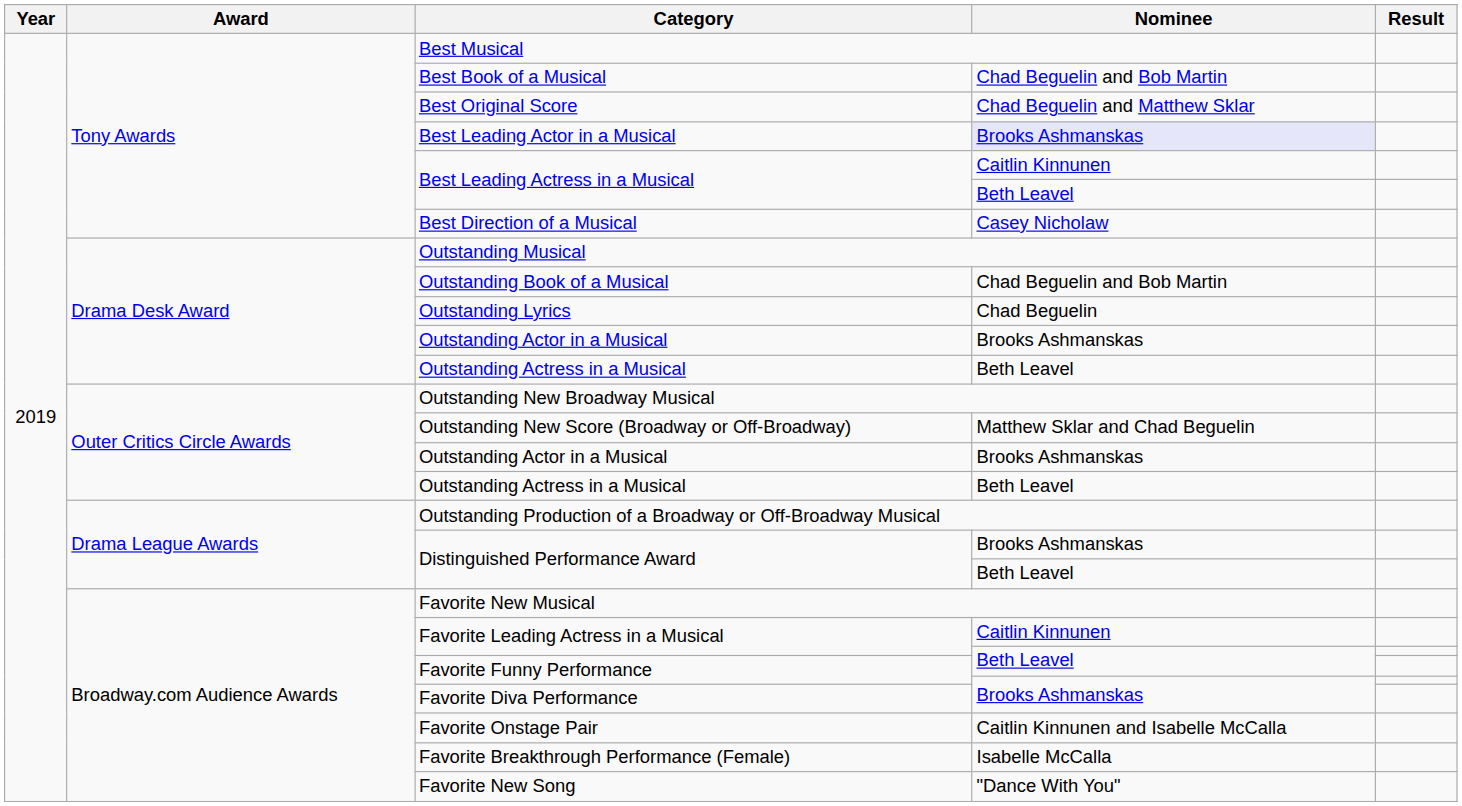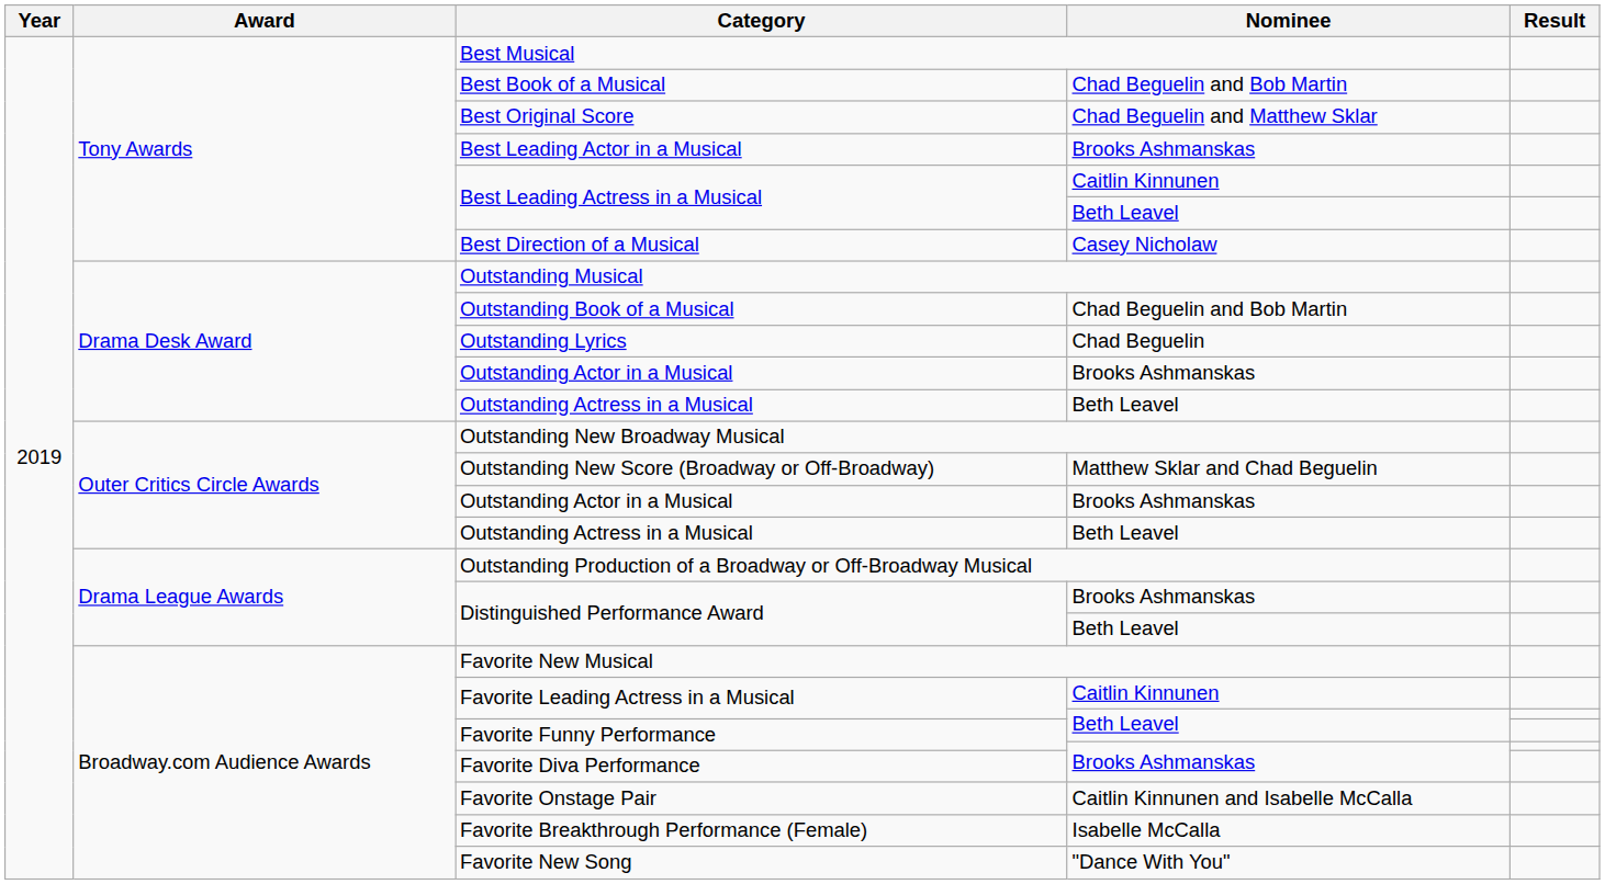 <table class="wikitable" style="width:100%;">
 <tr>
 <th>Year</th>
 <th><strong>Award</strong></th>
 <th><strong>Category</strong></th>
 <th><strong>Nominee</strong></th>
 <th><strong>Result</strong></th>
 </tr>
 <tr>
 <td rowspan="28" style="text-align:center;">2019</td>
 <td rowspan="7"><a href='#'>Tony Awards</a></td>
 <td colspan="2"><a href='#'>Best Musical</a></td>
 <td></td>
 </tr>
 <tr>
 <td><a href='#'>Best Book of a Musical</a></td>
 <td><a href='#'>Chad Beguelin</a> and <a href='#'>Bob Martin</a></td>
 <td></td>
 </tr>
 <tr>
 <td><a href='#'>Best Original Score</a></td>
 <td><a href='#'>Chad Beguelin</a> and <a href='#'>Matthew Sklar</a></td>
 <td></td>
 </tr>
 <tr>
 <td><a href='#'>Best Leading Actor in a Musical</a></td>
-<td style="background: lavender;"><a href='#'>Brooks Ashmanskas</a></td>
+<td><a href='#'>Brooks Ashmanskas</a></td>
 <td></td>
 </tr>
 <tr>
 <td rowspan="2"><a href='#'>Best Leading Actress in a Musical</a></td>
 <td><a href='#'>Caitlin Kinnunen</a></td>
 <td></td>
 </tr>
 <tr>
 <td><a href='#'>Beth Leavel</a></td>
 <td></td>
 </tr>
 <tr>
 <td><a href='#'>Best Direction of a Musical</a></td>
 <td><a href='#'>Casey Nicholaw</a></td>
 <td></td>
 </tr>
 <tr>
 <td rowspan="5"><a href='#'>Drama Desk Award</a></td>
 <td colspan="2"><a href='#'>Outstanding Musical</a></td>
 <td></td>
 </tr>
 <tr>
 <td><a href='#'>Outstanding Book of a Musical</a></td>
 <td>Chad Beguelin and Bob Martin</td>
 <td></td>
 </tr>
 <tr>
 <td><a href='#'>Outstanding Lyrics</a></td>
 <td>Chad Beguelin</td>
 <td></td>
 </tr>
 <tr>
 <td><a href='#'>Outstanding Actor in a Musical</a></td>
 <td>Brooks Ashmanskas</td>
 <td></td>
 </tr>
 <tr>
 <td><a href='#'>Outstanding Actress in a Musical</a></td>
 <td>Beth Leavel</td>
 <td></td>
 </tr>
 <tr>
 <td rowspan="4"><a href='#'>Outer Critics Circle Awards</a></td>
 <td colspan="2">Outstanding New Broadway Musical</td>
 <td></td>
 </tr>
 <tr>
 <td>Outstanding New Score (Broadway or Off-Broadway)</td>
 <td>Matthew Sklar and Chad Beguelin</td>
 <td></td>
 </tr>
 <tr>
 <td>Outstanding Actor in a Musical</td>
 <td>Brooks Ashmanskas</td>
 <td></td>
 </tr>
 <tr>
 <td>Outstanding Actress in a Musical</td>
 <td>Beth Leavel</td>
 <td></td>
 </tr>
 <tr>
 <td rowspan="3"><a href='#'>Drama League Awards</a></td>
 <td colspan="2">Outstanding Production of a Broadway or Off-Broadway Musical</td>
 <td></td>
 </tr>
 <tr>
 <td rowspan="2">Distinguished Performance Award</td>
 <td>Brooks Ashmanskas</td>
 <td></td>
 </tr>
 <tr>
 <td>Beth Leavel</td>
 <td></td>
 </tr>
 <tr>
 <td rowspan="9">Broadway.com Audience Awards</td>
 <td colspan="2">Favorite New Musical</td>
 <td></td>
 </tr>
 <tr>
 <td rowspan="2">Favorite Leading Actress in a Musical</td>
 <td><a href='#'>Caitlin Kinnunen</a></td>
 <td></td>
 </tr>
 <tr>
 <td rowspan="2"><a href='#'>Beth Leavel</a></td>
 <td></td>
 </tr>
 <tr>
 <td rowspan="2">Favorite Funny Performance</td>
 <td></td>
 </tr>
 <tr>
 <td rowspan="2"><a href='#'>Brooks Ashmanskas</a></td>
 <td></td>
 </tr>
 <tr>
 <td>Favorite Diva Performance</td>
 <td></td>
 </tr>
 <tr>
 <td>Favorite Onstage Pair</td>
 <td>Caitlin Kinnunen and Isabelle McCalla</td>
 <td></td>
 </tr>
 <tr>
 <td>Favorite Breakthrough Performance (Female)</td>
 <td>Isabelle McCalla</td>
 <td></td>
 </tr>
 <tr>
 <td>Favorite New Song</td>
 <td>"Dance With You"</td>
 <td></td>
 </tr>
 </table>
